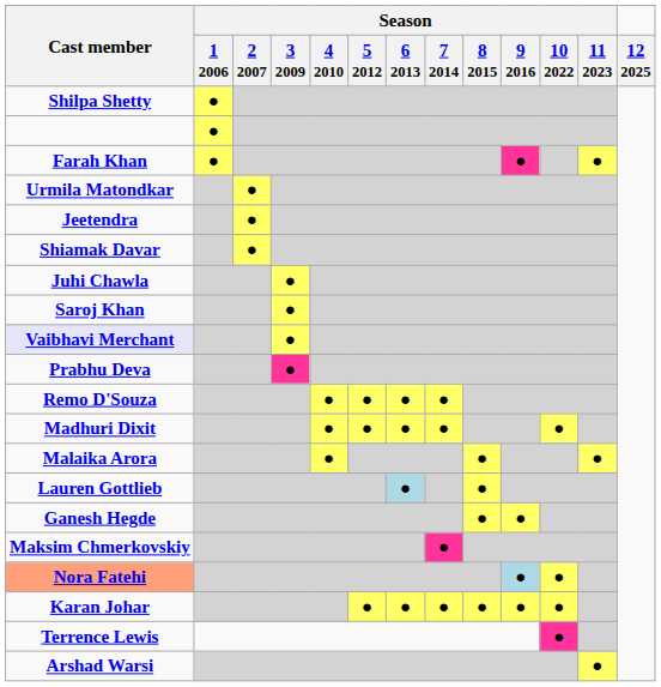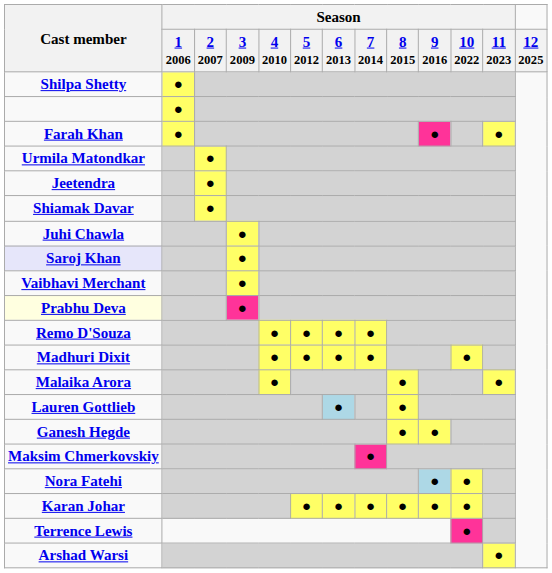 <table class="wikitable unsortable" style="text-align:center; font-size:95%">
 <tr>
 <th rowspan="2">Cast member</th>
 <th colspan="11">Season</th>
 </tr>
 <tr>
 <th width="15"><a href='#'>1</a><br><small>2006</small></th>
 <th width="15"><a href='#'>2</a><br><small>2007</small></th>
 <th width="15"><a href='#'>3</a><br><small>2009</small></th>
 <th width="15"><a href='#'>4</a><br><small>2010</small></th>
 <th width="15"><a href='#'>5</a><br><small>2012</small></th>
 <th width="15"><a href='#'>6</a><br><small>2013</small></th>
 <th width="15"><a href='#'>7</a><br><small>2014</small></th>
 <th width="15"><a href='#'>8</a><br><small>2015</small></th>
 <th width="15"><a href='#'>9</a><br><small>2016</small></th>
 <th width="15"><a href='#'>10</a><br><small>2022</small></th>
 <th width="15"><a href='#'>11</a><br><small>2023</small></th>
 <th waduh="15"><a href='#'>12</a><br> <small>2025</small></th>
 </tr>
 <tr>
 <td><strong><a href='#'>Shilpa Shetty</a></strong></td>
 <td style="background:#FFFF66">●</td>
 <td colspan="10" style="background:lightgrey"></td>
 </tr>
 <tr>
 <td></td>
 <td style="background:#FFFF66">●</td>
 <td colspan="10" style="background:lightgrey"></td>
 </tr>
 <tr>
 <td><strong><a href='#'>Farah Khan</a></strong></td>
 <td style="background:#FFFF66">●</td>
 <td colspan="7" style="background:lightgrey"></td>
 <td style="background:#FF3399">●</td>
 <td colspan="1" style="background:lightgrey"></td>
 <td style="background:#FFFF66">●</td>
 </tr>
 <tr>
 <td><strong><a href='#'>Urmila Matondkar</a></strong></td>
 <td style="background:lightgrey"></td>
 <td style="background:#FFFF66">●</td>
 <td colspan="9" style="background:lightgrey"></td>
 </tr>
 <tr>
 <td><strong><a href='#'>Jeetendra</a></strong></td>
 <td style="background:lightgrey"></td>
 <td style="background:#FFFF66">●</td>
 <td colspan="9" style="background:lightgrey"></td>
 </tr>
 <tr>
 <td><strong><a href='#'>Shiamak Davar</a></strong></td>
 <td style="background:lightgrey"></td>
 <td style="background:#FFFF66">●</td>
 <td colspan="9" style="background:lightgrey"></td>
 </tr>
 <tr>
 <td><strong><a href='#'>Juhi Chawla</a></strong></td>
 <td colspan="2" style="background:lightgrey"></td>
 <td style="background:#FFFF66">●</td>
 <td colspan="8" style="background:lightgrey"></td>
 </tr>
 <tr>
-<td><strong><a href='#'>Saroj Khan</a></strong></td>
+<td style="background: lavender;"><strong><a href='#'>Saroj Khan</a></strong></td>
 <td colspan="2" style="background:lightgrey"></td>
 <td style="background:#FFFF66">●</td>
 <td colspan="8" style="background:lightgrey"></td>
 </tr>
 <tr>
-<td style="background: lavender;"><strong><a href='#'>Vaibhavi Merchant</a></strong></td>
+<td><strong><a href='#'>Vaibhavi Merchant</a></strong></td>
 <td colspan="2" style="background:lightgrey"></td>
 <td style="background:#FFFF66">●</td>
 <td colspan="8" style="background:lightgrey"></td>
 </tr>
 <tr>
-<td><strong><a href='#'>Prabhu Deva</a></strong></td>
+<td style="background: lightyellow;"><strong><a href='#'>Prabhu Deva</a></strong></td>
 <td colspan="2" style="background:lightgrey"></td>
 <td style="background:#FF3399">●</td>
 <td colspan="8" style="background:lightgrey"></td>
 </tr>
 <tr>
 <td><strong><a href='#'>Remo D'Souza</a></strong></td>
 <td colspan="3" style="background:lightgrey"></td>
 <td style="background:#FFFF66">●</td>
 <td style="background:#FFFF66">●</td>
 <td style="background:#FFFF66">●</td>
 <td style="background:#FFFF66">●</td>
 <td colspan="4" style="background:lightgrey"></td>
 </tr>
 <tr>
 <td><strong><a href='#'>Madhuri Dixit</a></strong></td>
 <td colspan="3" style="background:lightgrey"></td>
 <td style="background:#FFFF66">●</td>
 <td style="background:#FFFF66">●</td>
 <td style="background:#FFFF66">●</td>
 <td style="background:#FFFF66">●</td>
 <td colspan="2" style="background:lightgrey"></td>
 <td style="background:#FFFF66">●</td>
 <td style="background:lightgrey"></td>
 </tr>
 <tr>
 <td><strong><a href='#'>Malaika Arora</a></strong></td>
 <td colspan="3" style="background:lightgrey"></td>
 <td style="background:#FFFF66">●</td>
 <td colspan="3" style="background:lightgrey"></td>
 <td style="background:#FFFF66">●</td>
 <td colspan="2" style="background:lightgrey"></td>
 <td style="background:#FFFF66">●</td>
 </tr>
 <tr>
 <td><strong><a href='#'>Lauren Gottlieb</a></strong></td>
 <td colspan="5" style="background:lightgrey"></td>
 <td style="background:lightblue">●</td>
 <td style="background:lightgrey"></td>
 <td style="background:#FFFF66">●</td>
 <td colspan="3" style="background:lightgrey"></td>
 </tr>
 <tr>
 <td><strong><a href='#'>Ganesh Hegde</a></strong></td>
 <td colspan="7" style="background:lightgrey"></td>
 <td style="background:#FFFF66">●</td>
 <td style="background:#FFFF66">●</td>
 <td colspan="2" style="background:lightgrey"></td>
 </tr>
 <tr>
 <td><strong><a href='#'>Maksim Chmerkovskiy</a></strong></td>
 <td colspan="6" style="background:lightgrey"></td>
 <td style="background:#FF3399">●</td>
 <td colspan="4" style="background:lightgrey"></td>
 </tr>
 <tr>
-<td style="background: lightsalmon;"><strong><a href='#'>Nora Fatehi</a></strong></td>
+<td><strong><a href='#'>Nora Fatehi</a></strong></td>
 <td colspan="8" style="background:lightgrey"></td>
 <td style="background:lightblue">●</td>
 <td style="background:#FFFF66">●</td>
 <td style="background:lightgrey"></td>
 </tr>
 <tr>
 <td><strong><a href='#'>Karan Johar</a></strong></td>
 <td colspan="4" style="background:lightgrey"></td>
 <td style="background:#FFFF66">●</td>
 <td style="background:#FFFF66">●</td>
 <td style="background:#FFFF66">●</td>
 <td style="background:#FFFF66">●</td>
 <td style="background:#FFFF66">●</td>
 <td style="background:#FFFF66">●</td>
 <td style="background:lightgrey"></td>
 </tr>
 <tr>
 <td><a href='#'><strong>Terrence Lewis</strong></a></td>
 <td colspan="9"></td>
 <td style="background: #FF3399">●</td>
 <td style="background:lightgrey"></td>
 </tr>
 <tr>
 <td><strong><a href='#'>Arshad Warsi</a></strong></td>
 <td colspan="10" style="background:lightgrey"></td>
 <td style="background:#FFFF66">●</td>
 </tr>
 </table>
